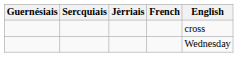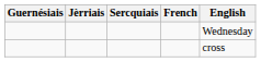 <table class="wikitable">
 <tr>
 <th>Guernésiais</th>
+<th>Jèrriais</th>
 <th>Sercquiais</th>
-<th>Jèrriais</th>
 <th>French</th>
 <th>English</th>
 </tr>
 <tr>
 <td></td>
 <td></td>
 <td></td>
 <td></td>
-<td>cross</td>
+<td>Wednesday</td>
 </tr>
 <tr>
 <td></td>
 <td></td>
 <td></td>
 <td></td>
-<td>Wednesday</td>
+<td>cross</td>
 </tr>
 </table>
